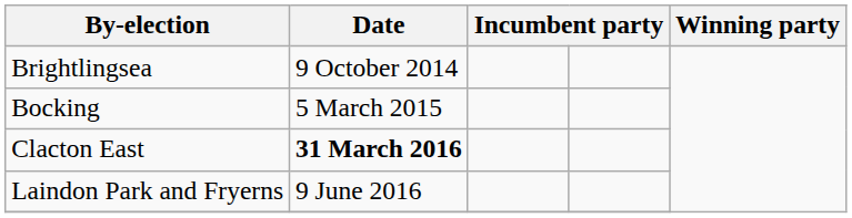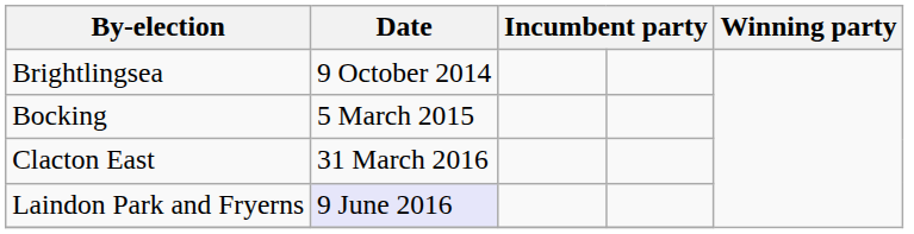 <table class="wikitable">
 <tr>
 <th>By-election</th>
 <th>Date</th>
 <th colspan=2>Incumbent party</th>
 <th colspan=2>Winning party</th>
 </tr>
 <tr>
 <td>Brightlingsea</td>
 <td>9 October 2014</td>
 <td></td>
 <td></td>
 </tr>
 <tr>
 <td>Bocking</td>
 <td>5 March 2015</td>
 <td></td>
 <td></td>
 </tr>
 <tr>
 <td>Clacton East</td>
-<td><strong>31 March 2016</strong></td>
+<td>31 March 2016</td>
 <td></td>
 <td></td>
 </tr>
 <tr>
 <td>Laindon Park and Fryerns</td>
-<td>9 June 2016</td>
+<td style="background: lavender;">9 June 2016</td>
 <td></td>
 <td></td>
 </tr>
 <tr>
 </tr>
 </table>
